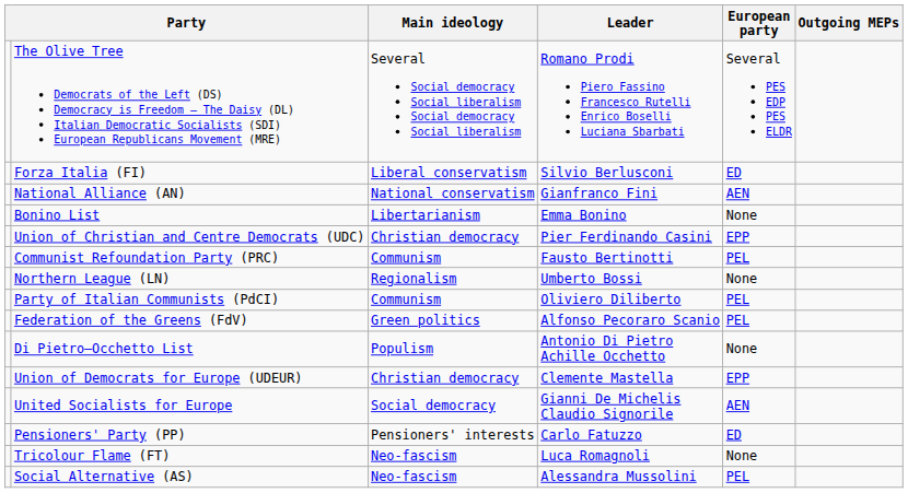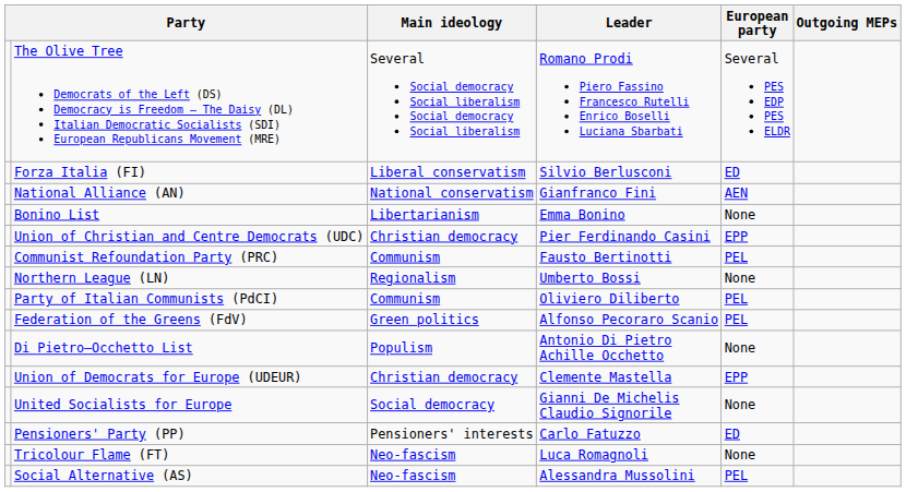 <table class=wikitable style=text-align:left>
 <tr>
 <th colspan="2">Party</th>
 <th>Main ideology</th>
 <th>Leader</th>
 <th>European<br>party</th>
 <th>Outgoing MEPs</th>
 </tr>
 <tr>
 <td style="background:"></td>
 <td><a href='#'>The Olive Tree</a> <br><br><ul><li><small><a href='#'>Democrats of the Left</a> (DS)</small></li><li><small><a href='#'>Democracy is Freedom – The Daisy</a> (DL)</small></li><li><small><a href='#'>Italian Democratic Socialists</a> (SDI)</small></li><li><small><a href='#'>European Republicans Movement</a> (MRE)</small></li></ul></td>
 <td>Several<br><ul><li><small><a href='#'>Social democracy</a></small></li><li><small><a href='#'>Social liberalism</a></small></li><li><small><a href='#'>Social democracy</a></small></li><li><small><a href='#'>Social liberalism</a></small></li></ul></td>
 <td><a href='#'>Romano Prodi</a><br><ul><li><small><a href='#'>Piero Fassino</a></small></li><li><small><a href='#'>Francesco Rutelli</a></small></li><li><small><a href='#'>Enrico Boselli</a></small></li><li><small><a href='#'>Luciana Sbarbati</a></small></li></ul></td>
 <td>Several<br><ul><li><small><a href='#'>PES</a></small></li><li><small><a href='#'>EDP</a></small></li><li><small><a href='#'>PES</a></small></li><li><small><a href='#'>ELDR</a></small></li></ul></td>
 <td></td>
 </tr>
 <tr>
 <td style="background:"></td>
 <td><a href='#'>Forza Italia</a> (FI)</td>
 <td><a href='#'>Liberal conservatism</a></td>
 <td><a href='#'>Silvio Berlusconi</a></td>
 <td><a href='#'>ED</a></td>
 <td></td>
 </tr>
 <tr>
 <td style="background:"></td>
 <td><a href='#'>National Alliance</a> (AN)</td>
 <td><a href='#'>National conservatism</a></td>
 <td><a href='#'>Gianfranco Fini</a></td>
 <td><a href='#'>AEN</a></td>
 <td></td>
 </tr>
 <tr>
 <td style="background:"></td>
 <td><a href='#'>Bonino List</a></td>
 <td><a href='#'>Libertarianism</a></td>
 <td><a href='#'>Emma Bonino</a></td>
 <td>None</td>
 <td></td>
 </tr>
 <tr>
 <td style="background:"></td>
 <td><a href='#'>Union of Christian and Centre Democrats</a> (UDC)</td>
 <td><a href='#'>Christian democracy</a></td>
 <td><a href='#'>Pier Ferdinando Casini</a></td>
 <td><a href='#'>EPP</a></td>
 <td></td>
 </tr>
 <tr>
 <td style="background:"></td>
 <td><a href='#'>Communist Refoundation Party</a> (PRC)</td>
 <td><a href='#'>Communism</a></td>
 <td><a href='#'>Fausto Bertinotti</a></td>
 <td><a href='#'>PEL</a></td>
 <td></td>
 </tr>
 <tr>
 <td style="background:"></td>
 <td><a href='#'>Northern League</a> (LN)</td>
 <td><a href='#'>Regionalism</a></td>
 <td><a href='#'>Umberto Bossi</a></td>
 <td>None</td>
 <td></td>
 </tr>
 <tr>
 <td style="background:"></td>
 <td><a href='#'>Party of Italian Communists</a> (PdCI)</td>
 <td><a href='#'>Communism</a></td>
 <td><a href='#'>Oliviero Diliberto</a></td>
 <td><a href='#'>PEL</a></td>
 <td></td>
 </tr>
 <tr>
 <td style="background:"></td>
 <td><a href='#'>Federation of the Greens</a> (FdV)</td>
 <td><a href='#'>Green politics</a></td>
 <td><a href='#'>Alfonso Pecoraro Scanio</a></td>
 <td><a href='#'>PEL</a></td>
 <td></td>
 </tr>
 <tr>
 <td style="background:"></td>
 <td><a href='#'>Di Pietro–Occhetto List</a></td>
 <td><a href='#'>Populism</a></td>
 <td><a href='#'>Antonio Di Pietro</a> <br> <a href='#'>Achille Occhetto</a></td>
 <td>None</td>
 <td></td>
 </tr>
 <tr>
 <td style="background:"></td>
 <td><a href='#'>Union of Democrats for Europe</a> (UDEUR)</td>
 <td><a href='#'>Christian democracy</a></td>
 <td><a href='#'>Clemente Mastella</a></td>
 <td><a href='#'>EPP</a></td>
 <td></td>
 </tr>
 <tr>
 <td style="background:"></td>
 <td><a href='#'>United Socialists for Europe</a></td>
 <td><a href='#'>Social democracy</a></td>
 <td><a href='#'>Gianni De Michelis</a> <br> <a href='#'>Claudio Signorile</a></td>
-<td><a href='#'>AEN</a></td>
+<td>None</td>
 <td></td>
 </tr>
 <tr>
 <td style="background:"></td>
 <td><a href='#'>Pensioners' Party</a> (PP)</td>
 <td>Pensioners' interests</td>
 <td><a href='#'>Carlo Fatuzzo</a></td>
 <td><a href='#'>ED</a></td>
 <td></td>
 </tr>
 <tr>
 <td style="background:"></td>
 <td><a href='#'>Tricolour Flame</a> (FT)</td>
 <td><a href='#'>Neo-fascism</a></td>
 <td><a href='#'>Luca Romagnoli</a></td>
 <td>None</td>
 <td></td>
 </tr>
 <tr>
 <td style="background:"></td>
 <td><a href='#'>Social Alternative</a> (AS)</td>
 <td><a href='#'>Neo-fascism</a></td>
 <td><a href='#'>Alessandra Mussolini</a></td>
 <td><a href='#'>PEL</a></td>
 <td></td>
 </tr>
 </table>
